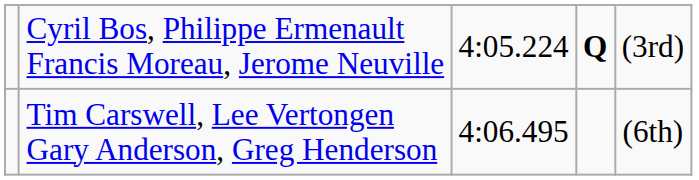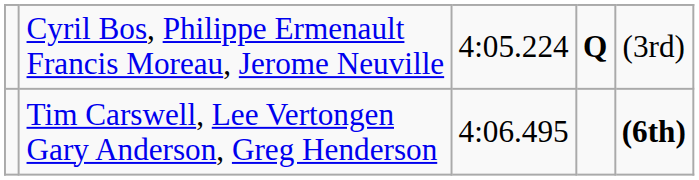 <table class="wikitable" style="text-align:center;">
 <tr>
 <td align=left></td>
 <td align=left><a href='#'>Cyril Bos</a>, <a href='#'>Philippe Ermenault</a><br><a href='#'>Francis Moreau</a>, <a href='#'>Jerome Neuville</a></td>
 <td>4:05.224</td>
 <td><strong>Q</strong></td>
 <td>(3rd)</td>
 </tr>
 <tr>
 <td align=left></td>
 <td align=left><a href='#'>Tim Carswell</a>, <a href='#'>Lee Vertongen</a><br><a href='#'>Gary Anderson</a>, <a href='#'>Greg Henderson</a></td>
 <td>4:06.495</td>
 <td></td>
-<td>(6th)</td>
+<td><strong>(6th)</strong></td>
 </tr>
 </table>
